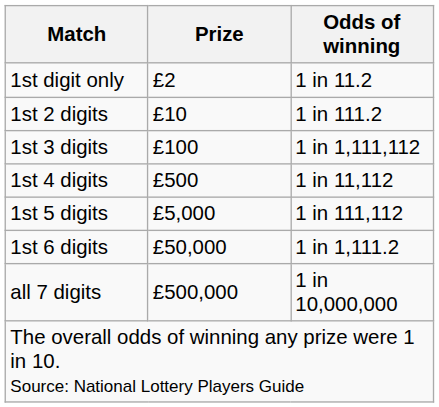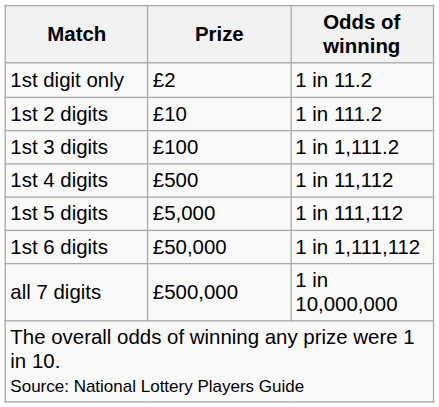 <table class="wikitable" style="font-size:96%; float:right;">
 <tr>
 <th style="width:100px;">Match</th>
 <th style="width:100px;">Prize</th>
 <th style="width:100px;">Odds of winning</th>
 </tr>
 <tr>
 <td>1st digit only</td>
 <td>£2</td>
 <td>1 in 11.2</td>
 </tr>
 <tr>
 <td>1st 2 digits</td>
 <td>£10</td>
 <td>1 in 111.2</td>
 </tr>
 <tr>
 <td>1st 3 digits</td>
 <td>£100</td>
-<td>1 in 1,111,112</td>
+<td>1 in 1,111.2</td>
 </tr>
 <tr>
 <td>1st 4 digits</td>
 <td>£500</td>
 <td>1 in 11,112</td>
 </tr>
 <tr>
 <td>1st 5 digits</td>
 <td>£5,000</td>
 <td>1 in 111,112</td>
 </tr>
 <tr>
 <td>1st 6 digits</td>
 <td>£50,000</td>
-<td>1 in 1,111.2</td>
+<td>1 in 1,111,112</td>
 </tr>
 <tr>
 <td>all 7 digits</td>
 <td>£500,000</td>
 <td>1 in 10,000,000</td>
 </tr>
 <tr>
 <td colspan="3">The overall odds of winning any prize were 1 in 10.<br><small>Source: National Lottery Players Guide</small></td>
 </tr>
 </table>
